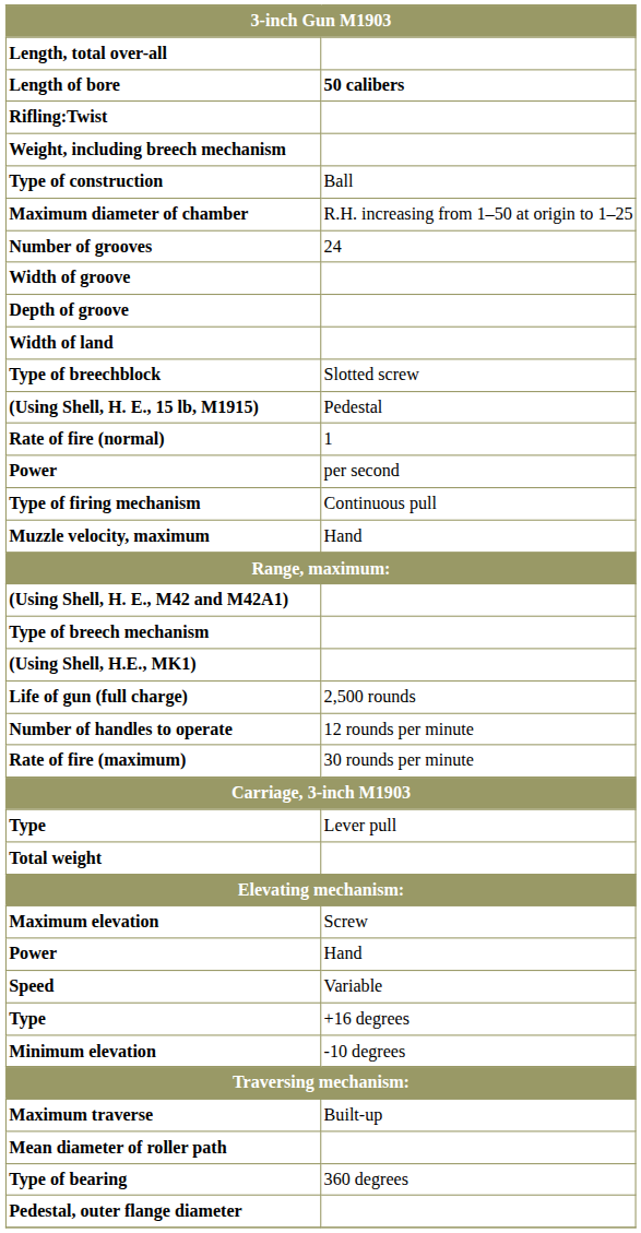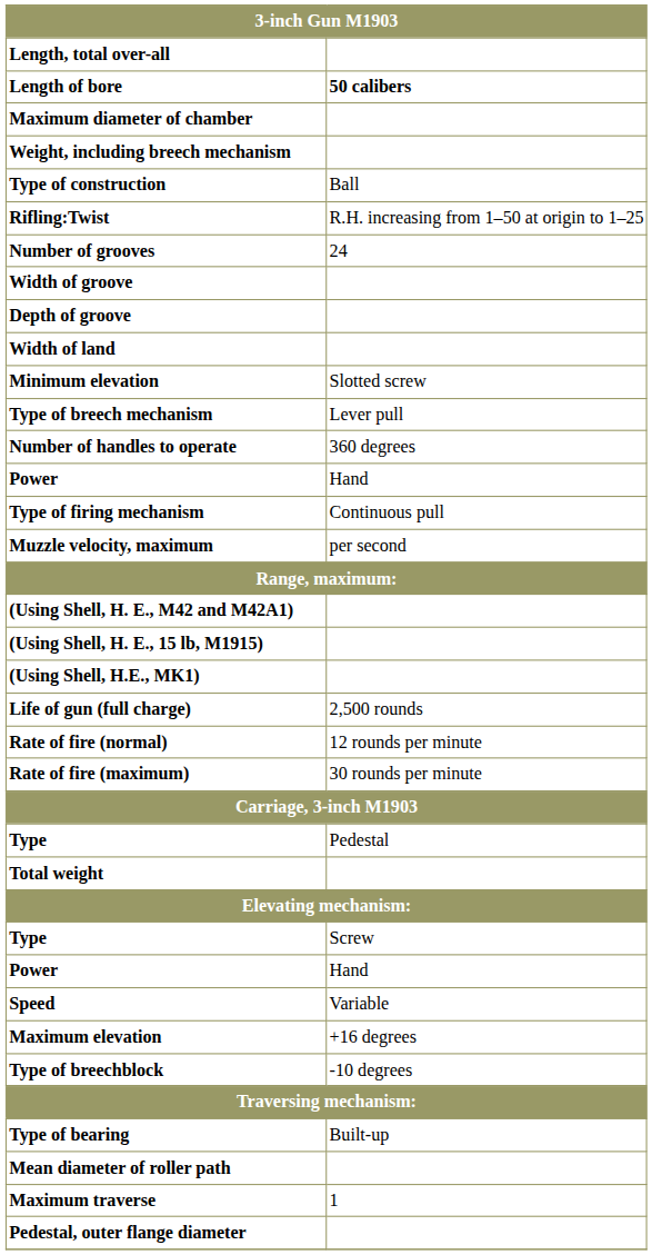 <table border=0 cellspacing=0 cellpadding=2 style="margin:0 0 .5em 1em; float:left; background:#fff; border-collapse:collapse; border:1px solid #996; line-height:1.5; font-size:95%">
 <tr style="vertical-align:top; text-align:center; border:1px solid #996; background-color:#996; color:#fff">
 <th colspan=2>3-inch Gun M1903</th>
 </tr>
 <tr>
 <td width="50%" style="border:1px solid #996"><strong>Length, total over-all</strong></td>
 <td width="50%" style="border:1px solid #996"></td>
 </tr>
 <tr>
 <td width="50%" style="border:1px solid #996"><strong>Length of bore</strong></td>
 <td width="50%" style="border:1px solid #996"><strong>50 calibers</strong></td>
 </tr>
 <tr>
-<td width="50%" style="border:1px solid #996"><strong>Rifling:Twist</strong></td>
+<td width="50%" style="border:1px solid #996"><strong>Maximum diameter of chamber</strong></td>
 <td width="50%" style="border:1px solid #996"></td>
 </tr>
 <tr>
 <td width="50%" style="border:1px solid #996"><strong>Weight, including breech mechanism</strong></td>
 <td width="50%" style="border:1px solid #996"></td>
 </tr>
 <tr>
 <td width="50%" style="border:1px solid #996"><strong>Type of construction</strong></td>
 <td width="50%" style="border:1px solid #996">Ball</td>
 </tr>
 <tr>
-<td width="50%" style="border:1px solid #996"><strong>Maximum diameter of chamber</strong></td>
+<td width="50%" style="border:1px solid #996"><strong>Rifling:Twist</strong></td>
 <td width="50%" style="border:1px solid #996">R.H. increasing from 1–50 at origin to 1–25</td>
 </tr>
 <tr>
 <td width="50%" style="border:1px solid #996"><strong>Number of grooves</strong></td>
 <td width="50%" style="border:1px solid #996">24</td>
 </tr>
 <tr>
 <td width="50%" style="border:1px solid #996"><strong>Width of groove</strong></td>
 <td width="50%" style="border:1px solid #996"></td>
 </tr>
 <tr>
 <td width="50%" style="border:1px solid #996"><strong>Depth of groove</strong></td>
 <td width="50%" style="border:1px solid #996"></td>
 </tr>
 <tr>
 <td width="50%" style="border:1px solid #996"><strong>Width of land</strong></td>
 <td width="50%" style="border:1px solid #996"></td>
 </tr>
 <tr>
-<td width="50%" style="border:1px solid #996"><strong>Type of breechblock</strong></td>
+<td width="50%" style="border:1px solid #996"><strong>Minimum elevation</strong></td>
 <td width="50%" style="border:1px solid #996">Slotted screw</td>
 </tr>
 <tr>
-<td width="50%" style="border:1px solid #996"><strong>(Using Shell, H. E., 15 lb, M1915)</strong></td>
-<td width="50%" style="border:1px solid #996">Pedestal</td>
+<td width="50%" style="border:1px solid #996"><strong>Type of breech mechanism</strong></td>
+<td width="50%" style="border:1px solid #996">Lever pull</td>
 </tr>
 <tr>
-<td width="50%" style="border:1px solid #996"><strong>Rate of fire (normal)</strong></td>
-<td width="50%" style="border:1px solid #996">1</td>
+<td width="50%" style="border:1px solid #996"><strong>Number of handles to operate</strong></td>
+<td width="50%" style="border:1px solid #996">360 degrees</td>
 </tr>
 <tr>
 <td width="50%" style="border:1px solid #996"><strong>Power</strong></td>
-<td width="50%" style="border:1px solid #996"> per second</td>
+<td width="50%" style="border:1px solid #996">Hand</td>
 </tr>
 <tr>
 <td width="50%" style="border:1px solid #996"><strong>Type of firing mechanism</strong></td>
 <td width="50%" style="border:1px solid #996">Continuous pull</td>
 </tr>
 <tr>
 <td width="50%" style="border:1px solid #996"><strong>Muzzle velocity, maximum</strong></td>
-<td width="50%" style="border:1px solid #996">Hand</td>
+<td width="50%" style="border:1px solid #996"> per second</td>
 </tr>
 <tr style="vertical-align:top; text-align:center; border:1px solid #996; background-color:#996; color:#fff">
 <th colspan=2>Range, maximum:</th>
 </tr>
 <tr>
 <td width="50%" style="border:1px solid #996"><strong>(Using Shell, H. E., M42 and M42A1)</strong></td>
 <td width="50%" style="border:1px solid #996"></td>
 </tr>
 <tr>
-<td width="50%" style="border:1px solid #996"><strong>Type of breech mechanism</strong></td>
+<td width="50%" style="border:1px solid #996"><strong>(Using Shell, H. E., 15 lb, M1915)</strong></td>
 <td width="50%" style="border:1px solid #996"></td>
 </tr>
 <tr>
 <td width="50%" style="border:1px solid #996"><strong>(Using Shell, H.E., MK1)</strong></td>
 <td width="50%" style="border:1px solid #996"></td>
 </tr>
 <tr>
 <td width="50%" style="border:1px solid #996"><strong>Life of gun (full charge)</strong></td>
 <td width="50%" style="border:1px solid #996">2,500 rounds</td>
 </tr>
 <tr>
-<td width="50%" style="border:1px solid #996"><strong>Number of handles to operate</strong></td>
+<td width="50%" style="border:1px solid #996"><strong>Rate of fire (normal)</strong></td>
 <td width="50%" style="border:1px solid #996">12 rounds per minute</td>
 </tr>
 <tr>
 <td width="50%" style="border:1px solid #996"><strong>Rate of fire (maximum)</strong></td>
 <td width="50%" style="border:1px solid #996">30 rounds per minute</td>
 </tr>
 <tr style="vertical-align:top; text-align:center; border:1px solid #996; background-color:#996; color:#fff">
 <th colspan=2>Carriage, 3-inch M1903</th>
 </tr>
 <tr>
 <td width="50%" style="border:1px solid #996"><strong>Type</strong></td>
-<td width="50%" style="border:1px solid #996">Lever pull</td>
+<td width="50%" style="border:1px solid #996">Pedestal</td>
 </tr>
 <tr>
 <td width="50%" style="border:1px solid #996"><strong>Total weight</strong></td>
 <td width="50%" style="border:1px solid #996"></td>
 </tr>
 <tr style="vertical-align:top; text-align:center; border:1px solid #996; background-color:#996; color:#fff">
 <th colspan=2>Elevating mechanism:</th>
 </tr>
 <tr>
-<td width="50%" style="border:1px solid #996"><strong>Maximum elevation</strong></td>
+<td width="50%" style="border:1px solid #996"><strong>Type</strong></td>
 <td width="50%" style="border:1px solid #996">Screw</td>
 </tr>
 <tr>
 <td width="50%" style="border:1px solid #996"><strong>Power</strong></td>
 <td width="50%" style="border:1px solid #996">Hand</td>
 </tr>
 <tr>
 <td width="50%" style="border:1px solid #996"><strong>Speed</strong></td>
 <td width="50%" style="border:1px solid #996">Variable</td>
 </tr>
 <tr>
-<td width="50%" style="border:1px solid #996"><strong>Type</strong></td>
+<td width="50%" style="border:1px solid #996"><strong>Maximum elevation</strong></td>
 <td width="50%" style="border:1px solid #996">+16 degrees</td>
 </tr>
 <tr>
-<td width="50%" style="border:1px solid #996"><strong>Minimum elevation</strong></td>
+<td width="50%" style="border:1px solid #996"><strong>Type of breechblock</strong></td>
 <td width="50%" style="border:1px solid #996">-10 degrees</td>
 </tr>
 <tr style="vertical-align:top; text-align:center; border:1px solid #996; background-color:#996; color:#fff">
 <th colspan=2>Traversing mechanism:</th>
 </tr>
 <tr>
-<td width="50%" style="border:1px solid #996"><strong>Maximum traverse</strong></td>
+<td width="50%" style="border:1px solid #996"><strong>Type of bearing</strong></td>
 <td width="50%" style="border:1px solid #996">Built-up</td>
 </tr>
 <tr>
 <td width="50%" style="border:1px solid #996"><strong>Mean diameter of roller path</strong></td>
 <td width="50%" style="border:1px solid #996"></td>
 </tr>
 <tr>
-<td width="50%" style="border:1px solid #996"><strong>Type of bearing</strong></td>
-<td width="50%" style="border:1px solid #996">360 degrees</td>
+<td width="50%" style="border:1px solid #996"><strong>Maximum traverse</strong></td>
+<td width="50%" style="border:1px solid #996">1</td>
 </tr>
 <tr>
 <td width="50%" style="border:1px solid #996"><strong>Pedestal, outer flange diameter</strong></td>
 <td width="50%" style="border:1px solid #996"></td>
 </tr>
 <tr>
 </tr>
 </table>
